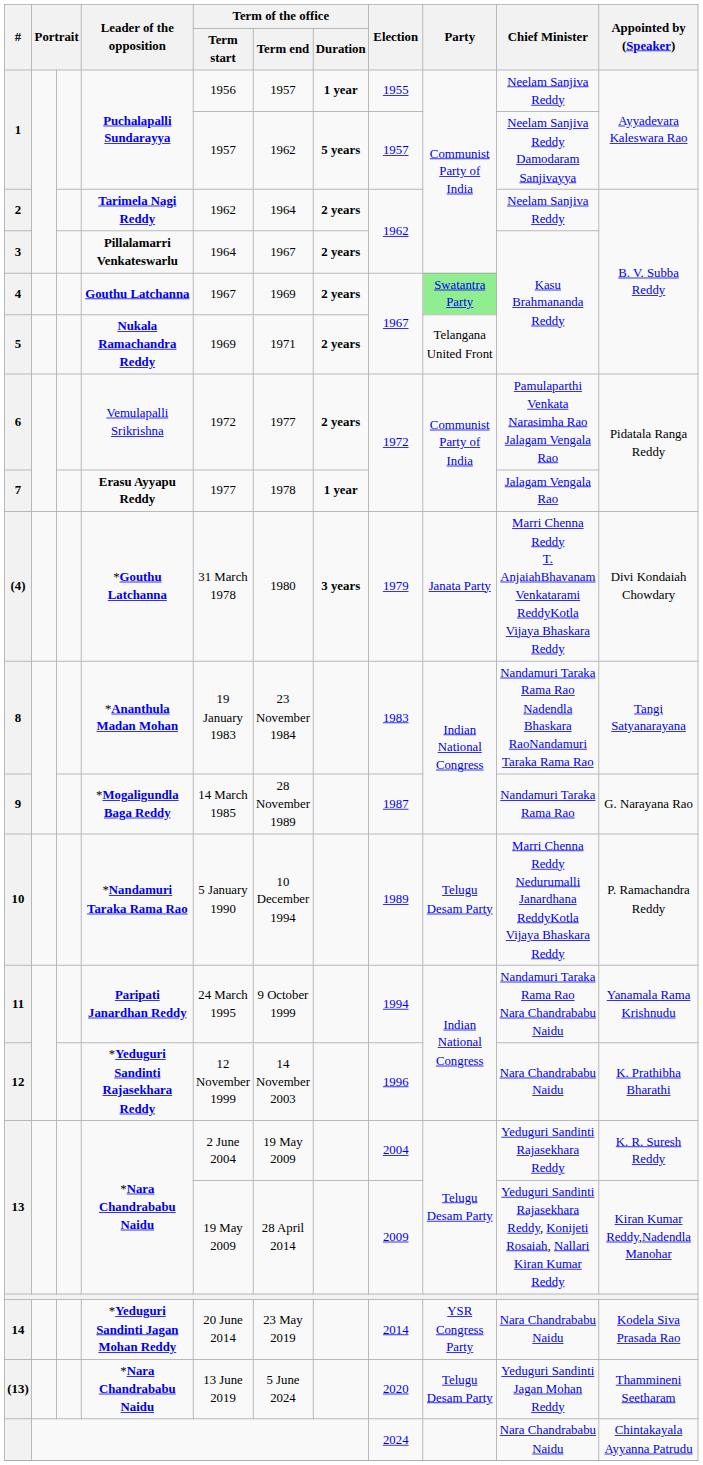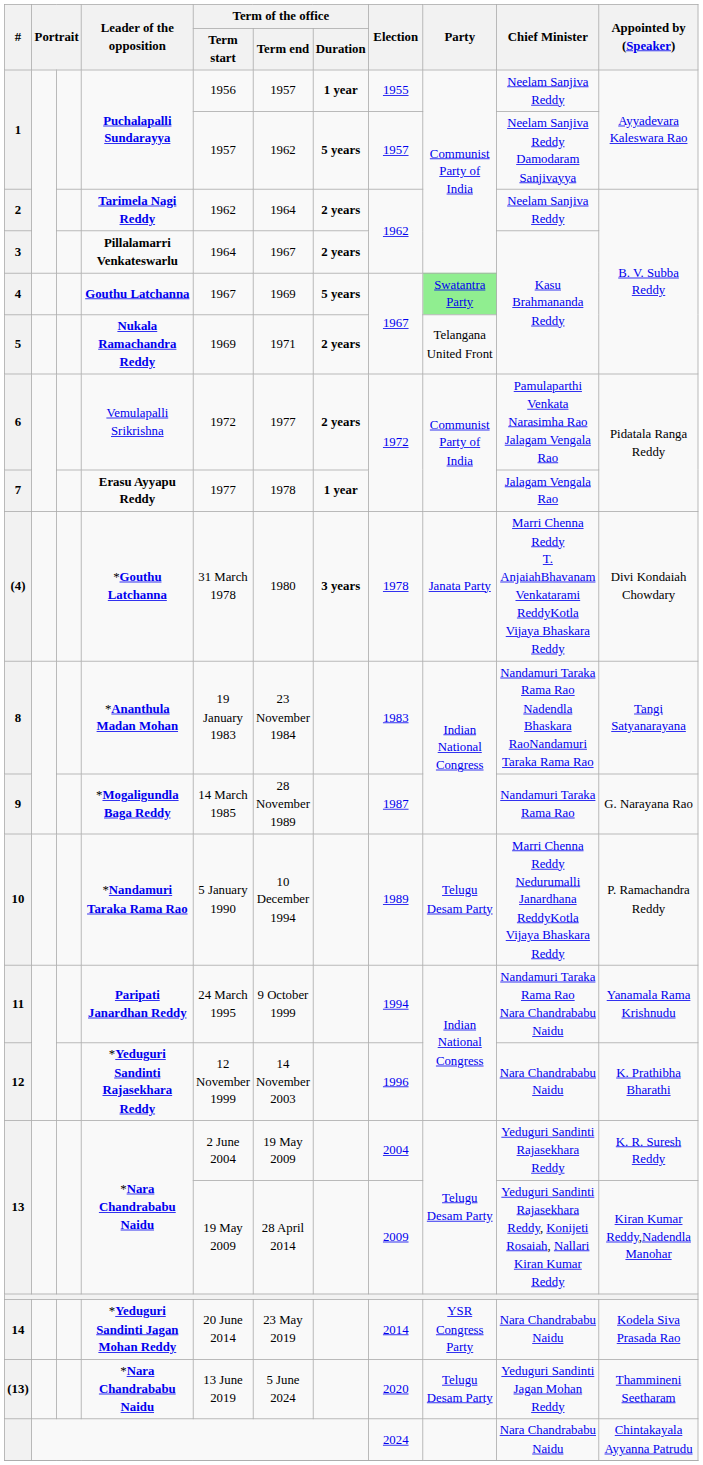 <table class="wikitable" style="line-height:1.4em; text-align:center">
 <tr>
 <th rowspan=2>#</th>
 <th rowspan=2 colspan="2">Portrait</th>
 <th rowspan=2 style="width:16em">Leader of the opposition<br></th>
 <th colspan="3">Term of the office</th>
 <th rowspan=2 style="width:5em">Election<br></th>
 <th rowspan=2 style="width:8em">Party</th>
 <th rowspan=2 style="width:8em">Chief Minister</th>
 <th rowspan=2 style="width:10em">Appointed by<br>(<a href='#'>Speaker</a>)</th>
 </tr>
 <tr>
 <th>Term start</th>
 <th>Term end</th>
 <th>Duration</th>
 </tr>
 <tr>
 <th rowspan=2>1</th>
 <td rowspan=4></td>
 <td rowspan=2></td>
 <td rowspan=2><strong><a href='#'>Puchalapalli Sundarayya</a></strong><br></td>
 <td>1956</td>
 <td>1957</td>
 <td><strong>1 year</strong></td>
 <td><a href='#'>1955</a><br></td>
 <td rowspan=4><a href='#'>Communist Party of India</a></td>
 <td><a href='#'>Neelam Sanjiva Reddy</a></td>
 <td rowspan="2"><a href='#'>Ayyadevara Kaleswara Rao</a></td>
 </tr>
 <tr>
 <td>1957</td>
 <td>1962</td>
 <td><strong>5 years</strong></td>
 <td><a href='#'>1957</a><br></td>
 <td><a href='#'>Neelam Sanjiva Reddy</a><br><a href='#'>Damodaram Sanjivayya</a></td>
 </tr>
 <tr>
 <th>2</th>
 <td></td>
 <td><strong><a href='#'>Tarimela Nagi Reddy</a></strong><br></td>
 <td>1962</td>
 <td>1964</td>
 <td><strong>2 years</strong></td>
 <td rowspan=2><a href='#'>1962</a><br></td>
 <td><a href='#'>Neelam Sanjiva Reddy</a></td>
 <td rowspan="4"><a href='#'>B. V. Subba Reddy</a></td>
 </tr>
 <tr>
 <th>3</th>
 <td></td>
 <td><strong>Pillalamarri Venkateswarlu</strong><br></td>
 <td>1964</td>
 <td>1967</td>
 <td><strong>2 years</strong></td>
 <td rowspan="3"><a href='#'>Kasu Brahmananda Reddy</a></td>
 </tr>
 <tr>
 <th>4</th>
 <td></td>
 <td></td>
 <td><strong><a href='#'>Gouthu Latchanna</a></strong><br></td>
 <td>1967</td>
 <td>1969</td>
-<td><strong>2 years</strong></td>
+<td><strong>5 years</strong></td>
 <td rowspan=2><a href='#'>1967</a><br></td>
 <td style="background: lightgreen;"><a href='#'>Swatantra Party</a></td>
 </tr>
 <tr>
 <th>5</th>
 <td></td>
 <td></td>
 <td><strong><a href='#'>Nukala Ramachandra Reddy</a></strong><br></td>
 <td>1969</td>
 <td>1971</td>
 <td><strong>2 years</strong></td>
 <td>Telangana United Front</td>
 </tr>
 <tr>
 <th>6</th>
 <td rowspan=2></td>
 <td></td>
 <td><a href='#'>Vemulapalli Srikrishna</a><br></td>
 <td>1972</td>
 <td>1977</td>
 <td><strong>2 years</strong></td>
 <td rowspan=2><a href='#'>1972</a><br></td>
 <td rowspan="2"><a href='#'>Communist Party of India</a></td>
 <td><a href='#'>Pamulaparthi Venkata Narasimha Rao</a><br><a href='#'>Jalagam Vengala Rao</a></td>
 <td rowspan="2">Pidatala Ranga Reddy</td>
 </tr>
 <tr>
 <th>7</th>
 <td></td>
 <td><strong>Erasu Ayyapu Reddy</strong><br></td>
 <td>1977</td>
 <td>1978</td>
 <td><strong>1 year</strong></td>
 <td><a href='#'>Jalagam Vengala Rao</a></td>
 </tr>
 <tr>
 <th>(4)</th>
 <td></td>
 <td></td>
 <td>*<strong><a href='#'>Gouthu Latchanna</a></strong><br></td>
 <td>31 March 1978</td>
 <td>1980</td>
 <td><strong>3 years</strong></td>
-<td><a href='#'>1979</a><br></td>
+<td><a href='#'>1978</a><br></td>
 <td><a href='#'>Janata Party</a></td>
 <td><a href='#'>Marri Chenna Reddy</a><br><a href='#'>T. Anjaiah</a><a href='#'>Bhavanam Venkatarami Reddy</a><a href='#'>Kotla Vijaya Bhaskara Reddy</a></td>
 <td>Divi Kondaiah Chowdary</td>
 </tr>
 <tr>
 <th>8</th>
 <td rowspan=2></td>
 <td></td>
 <td>*<strong><a href='#'>Ananthula Madan Mohan</a></strong><br></td>
 <td>19 January 1983</td>
 <td>23 November 1984</td>
 <td><strong></strong></td>
 <td><a href='#'>1983</a><br></td>
 <td rowspan="2"><a href='#'>Indian National Congress</a></td>
 <td><a href='#'>Nandamuri Taraka Rama Rao</a><br><a href='#'>Nadendla Bhaskara Rao</a><a href='#'>Nandamuri Taraka Rama Rao</a></td>
 <td><a href='#'>Tangi Satyanarayana</a></td>
 </tr>
 <tr>
 <th>9</th>
 <td></td>
 <td>*<strong><a href='#'>Mogaligundla Baga Reddy</a></strong><br></td>
 <td>14 March 1985</td>
 <td>28 November 1989</td>
 <td><strong></strong></td>
 <td><a href='#'>1987</a><br></td>
 <td><a href='#'>Nandamuri Taraka Rama Rao</a></td>
 <td>G. Narayana Rao</td>
 </tr>
 <tr>
 <th>10</th>
 <td></td>
 <td></td>
 <td>*<strong><a href='#'>Nandamuri Taraka Rama Rao</a></strong><br></td>
 <td>5 January 1990</td>
 <td>10 December 1994</td>
 <td><strong></strong></td>
 <td><a href='#'>1989</a><br></td>
 <td><a href='#'>Telugu Desam Party</a></td>
 <td><a href='#'>Marri Chenna Reddy</a><br><a href='#'>Nedurumalli Janardhana Reddy</a><a href='#'>Kotla Vijaya Bhaskara Reddy</a></td>
 <td>P. Ramachandra Reddy</td>
 </tr>
 <tr>
 <th>11</th>
 <td rowspan=2></td>
 <td></td>
 <td><strong><a href='#'>Paripati Janardhan Reddy</a></strong><br></td>
 <td>24 March 1995</td>
 <td>9 October 1999</td>
 <td><strong></strong></td>
 <td><a href='#'>1994</a><br></td>
 <td rowspan=2><a href='#'>Indian National Congress</a></td>
 <td><a href='#'>Nandamuri Taraka Rama Rao</a><br><a href='#'>Nara Chandrababu Naidu</a></td>
 <td><a href='#'>Yanamala Rama Krishnudu</a></td>
 </tr>
 <tr>
 <th>12</th>
 <td></td>
 <td>*<strong><a href='#'>Yeduguri Sandinti Rajasekhara Reddy</a></strong><br></td>
 <td>12 November 1999</td>
 <td>14 November 2003</td>
 <td><strong></strong></td>
 <td><a href='#'>1996</a><br></td>
 <td><a href='#'>Nara Chandrababu Naidu</a></td>
 <td><a href='#'>K. Prathibha Bharathi</a></td>
 </tr>
 <tr>
 <th rowspan=2>13</th>
 <td rowspan=2></td>
 <td rowspan=2></td>
 <td rowspan=2>*<strong><a href='#'>Nara Chandrababu Naidu</a></strong><br></td>
 <td>2 June 2004</td>
 <td>19 May 2009</td>
 <td><strong></strong></td>
 <td><a href='#'>2004</a><br></td>
 <td rowspan=2><a href='#'>Telugu Desam Party</a></td>
 <td><a href='#'>Yeduguri Sandinti Rajasekhara Reddy</a></td>
 <td><a href='#'>K. R. Suresh Reddy</a></td>
 </tr>
 <tr>
 <td>19 May 2009</td>
 <td>28 April 2014</td>
 <td><strong></strong></td>
 <td><a href='#'>2009</a><br></td>
 <td><a href='#'>Yeduguri Sandinti Rajasekhara Reddy</a>, <a href='#'>Konijeti Rosaiah</a>, <a href='#'>Nallari Kiran Kumar Reddy</a></td>
 <td><a href='#'>Kiran Kumar Reddy</a>,<a href='#'>Nadendla Manohar</a></td>
 </tr>
 <tr>
 <th colspan="11"></th>
 </tr>
 <tr>
 <th>14</th>
 <td></td>
 <td></td>
 <td>*<strong><a href='#'>Yeduguri Sandinti Jagan Mohan Reddy</a></strong><br></td>
 <td>20 June 2014</td>
 <td>23 May 2019</td>
 <td><strong></strong></td>
 <td><a href='#'>2014</a><br></td>
 <td><a href='#'>YSR Congress Party</a></td>
 <td><a href='#'>Nara Chandrababu Naidu</a></td>
 <td><a href='#'>Kodela Siva Prasada Rao</a></td>
 </tr>
 <tr>
 <th>(13)</th>
 <td></td>
 <td></td>
 <td>*<strong><a href='#'>Nara Chandrababu Naidu</a></strong><br></td>
 <td>13 June 2019</td>
 <td>5 June 2024</td>
 <td><strong></strong></td>
 <td><a href='#'>2020</a><br></td>
 <td><a href='#'>Telugu Desam Party</a></td>
 <td><a href='#'>Yeduguri Sandinti Jagan Mohan Reddy</a></td>
 <td><a href='#'>Thammineni Seetharam</a></td>
 </tr>
 <tr>
 <th></th>
 <td colspan="6"></td>
 <td><a href='#'>2024</a><br></td>
 <td></td>
 <td><a href='#'>Nara Chandrababu Naidu</a></td>
 <td><a href='#'>Chintakayala Ayyanna Patrudu</a></td>
 </tr>
 <tr>
 </tr>
 </table>
